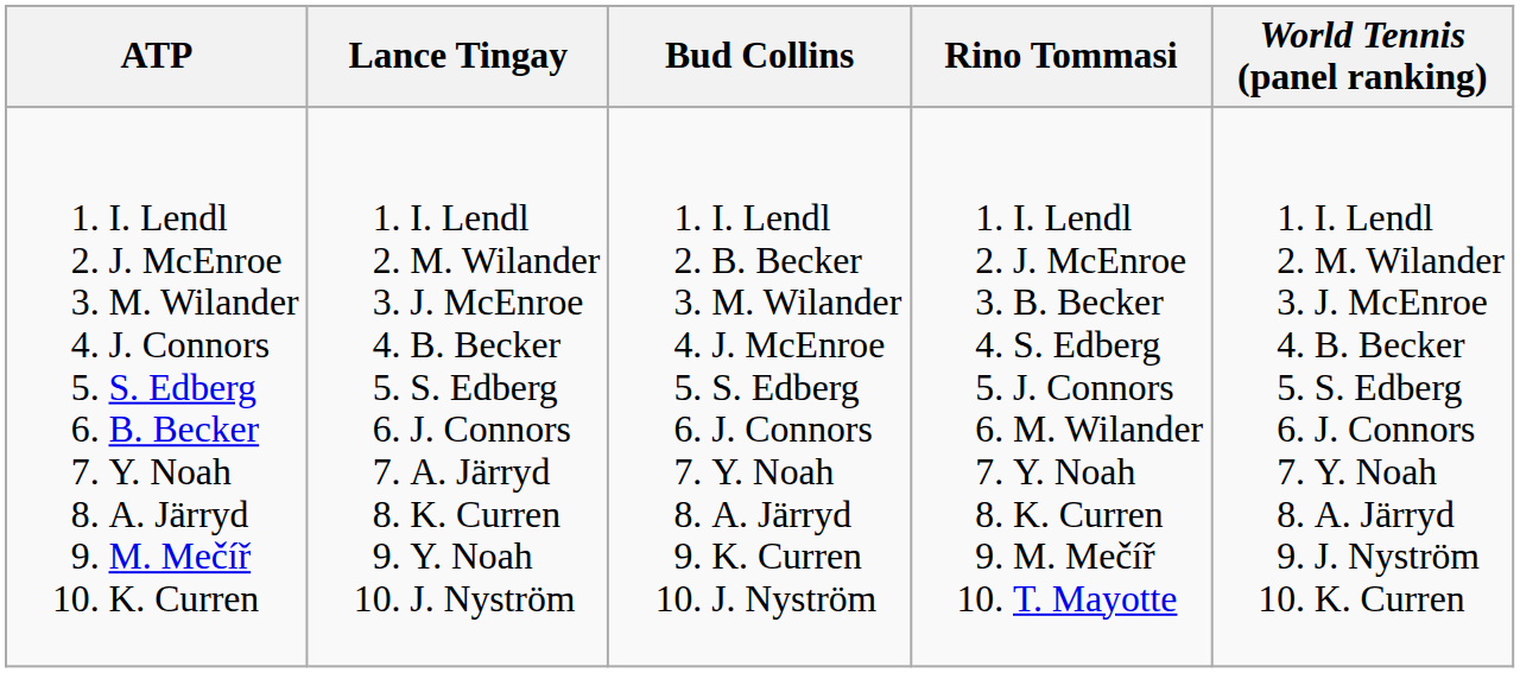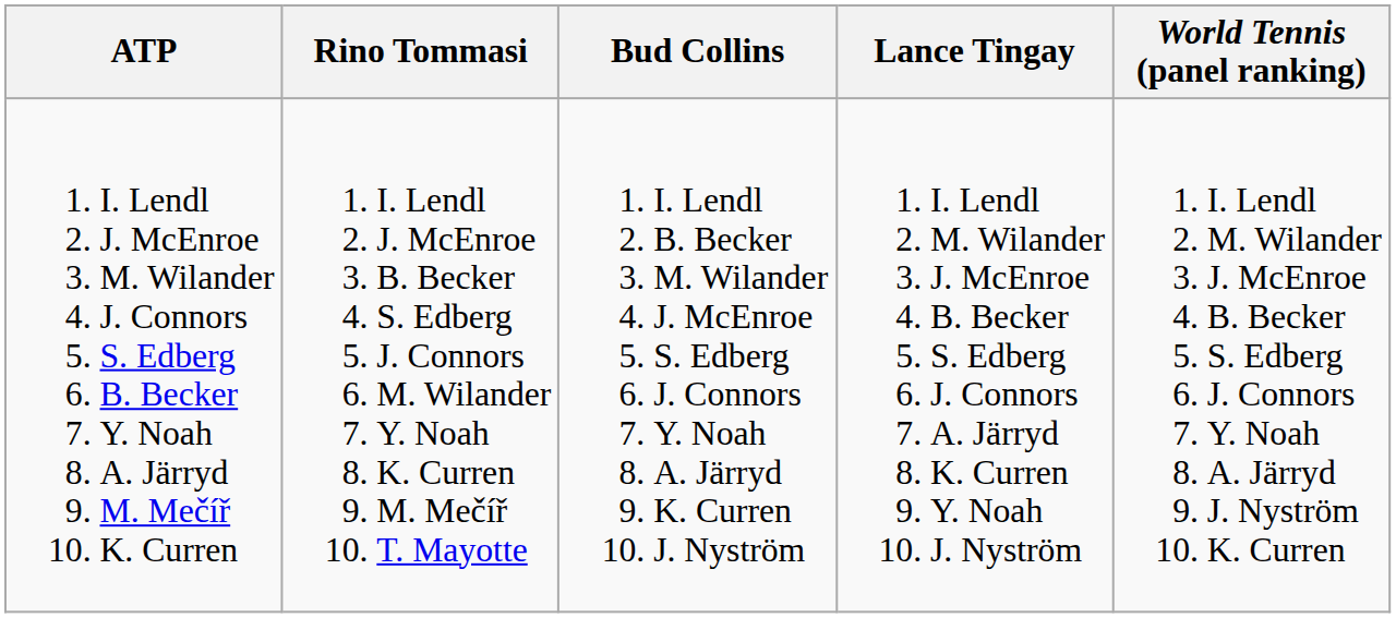 <table class="wikitable">
 <tr>
 <th>ATP</th>
+<th>Rino Tommasi</th>
+<th>Bud Collins</th>
 <th>Lance Tingay</th>
-<th>Bud Collins</th>
-<th>Rino Tommasi</th>
 <th><em>World Tennis<br></em>(panel ranking)</th>
 </tr>
 <tr style="vertical-align: top;">
 <td style="white-space: nowrap;"><br><ol><li> I. Lendl</li><li> J. McEnroe</li><li> M. Wilander</li><li> J. Connors</li><li> <a href='#'>S. Edberg</a></li><li> <a href='#'>B. Becker</a></li><li> Y. Noah</li><li> A. Järryd</li><li> <a href='#'>M. Mečíř</a></li><li> K. Curren</li></ol></td>
+<td style="white-space: nowrap;"><br><ol><li> I. Lendl</li><li> J. McEnroe</li><li> B. Becker</li><li> S. Edberg</li><li> J. Connors</li><li> M. Wilander</li><li> Y. Noah</li><li> K. Curren</li><li> M. Mečíř</li><li> <a href='#'>T. Mayotte</a></li></ol></td>
+<td style="white-space: nowrap;"><br><ol><li> I. Lendl</li><li> B. Becker</li><li> M. Wilander</li><li> J. McEnroe</li><li> S. Edberg</li><li> J. Connors</li><li> Y. Noah</li><li> A. Järryd</li><li> K. Curren</li><li> J. Nyström</li></ol></td>
 <td style="white-space: nowrap;"><br><ol><li> I. Lendl</li><li> M. Wilander</li><li> J. McEnroe</li><li> B. Becker</li><li> S. Edberg</li><li> J. Connors</li><li> A. Järryd</li><li> K. Curren</li><li> Y. Noah</li><li> J. Nyström</li></ol></td>
-<td style="white-space: nowrap;"><br><ol><li> I. Lendl</li><li> B. Becker</li><li> M. Wilander</li><li> J. McEnroe</li><li> S. Edberg</li><li> J. Connors</li><li> Y. Noah</li><li> A. Järryd</li><li> K. Curren</li><li> J. Nyström</li></ol></td>
-<td style="white-space: nowrap;"><br><ol><li> I. Lendl</li><li> J. McEnroe</li><li> B. Becker</li><li> S. Edberg</li><li> J. Connors</li><li> M. Wilander</li><li> Y. Noah</li><li> K. Curren</li><li> M. Mečíř</li><li> <a href='#'>T. Mayotte</a></li></ol></td>
 <td style="white-space: nowrap;"><br><ol><li> I. Lendl</li><li> M. Wilander</li><li> J. McEnroe</li><li> B. Becker</li><li> S. Edberg</li><li> J. Connors</li><li> Y. Noah</li><li> A. Järryd</li><li> J. Nyström</li><li> K. Curren</li></ol></td>
 </tr>
 </table>
